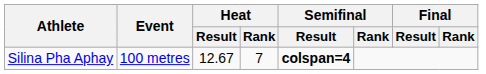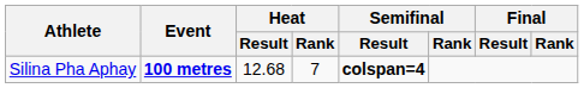 <table class="wikitable" style="font-size:90%">
 <tr>
 <th rowspan="2">Athlete</th>
 <th rowspan="2">Event</th>
 <th colspan="2">Heat</th>
 <th colspan="2">Semifinal</th>
 <th colspan="2">Final</th>
 </tr>
 <tr style="font-size:95%">
 <th>Result</th>
 <th>Rank</th>
 <th>Result</th>
 <th>Rank</th>
 <th>Result</th>
 <th>Rank</th>
 </tr>
 <tr align=center>
 <td align=left><a href='#'>Silina Pha Aphay</a></td>
-<td align=left><a href='#'>100 metres</a></td>
-<td>12.67</td>
+<td align=left><strong><a href='#'>100 metres</a></strong></td>
+<td>12.68</td>
 <td>7</td>
 <td><strong>colspan=4 </strong></td>
 </tr>
 </table>
